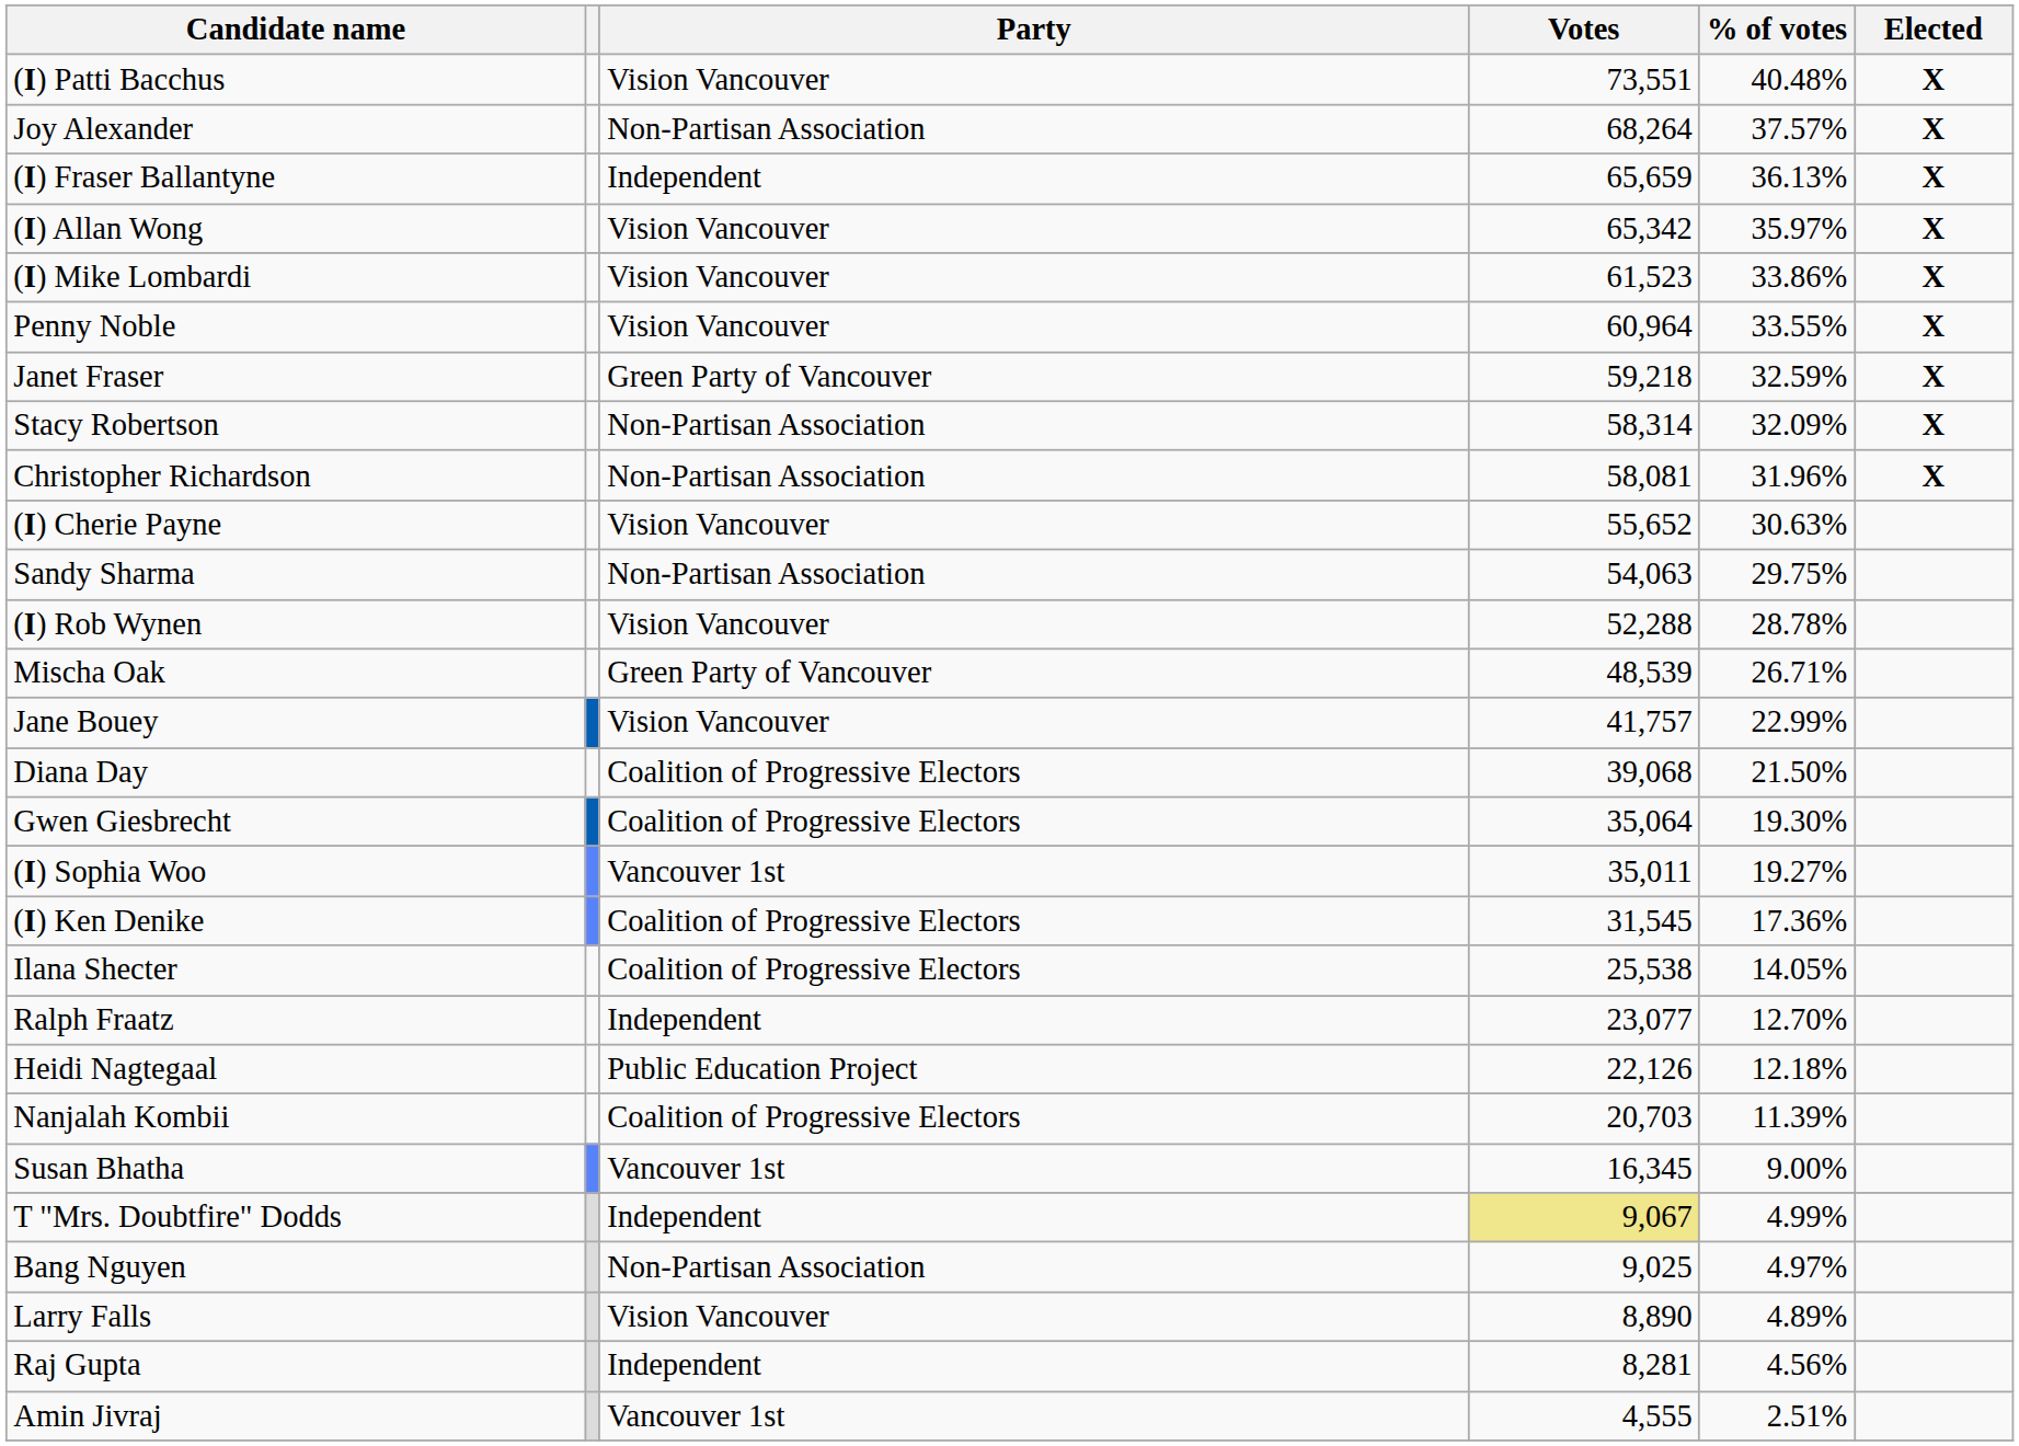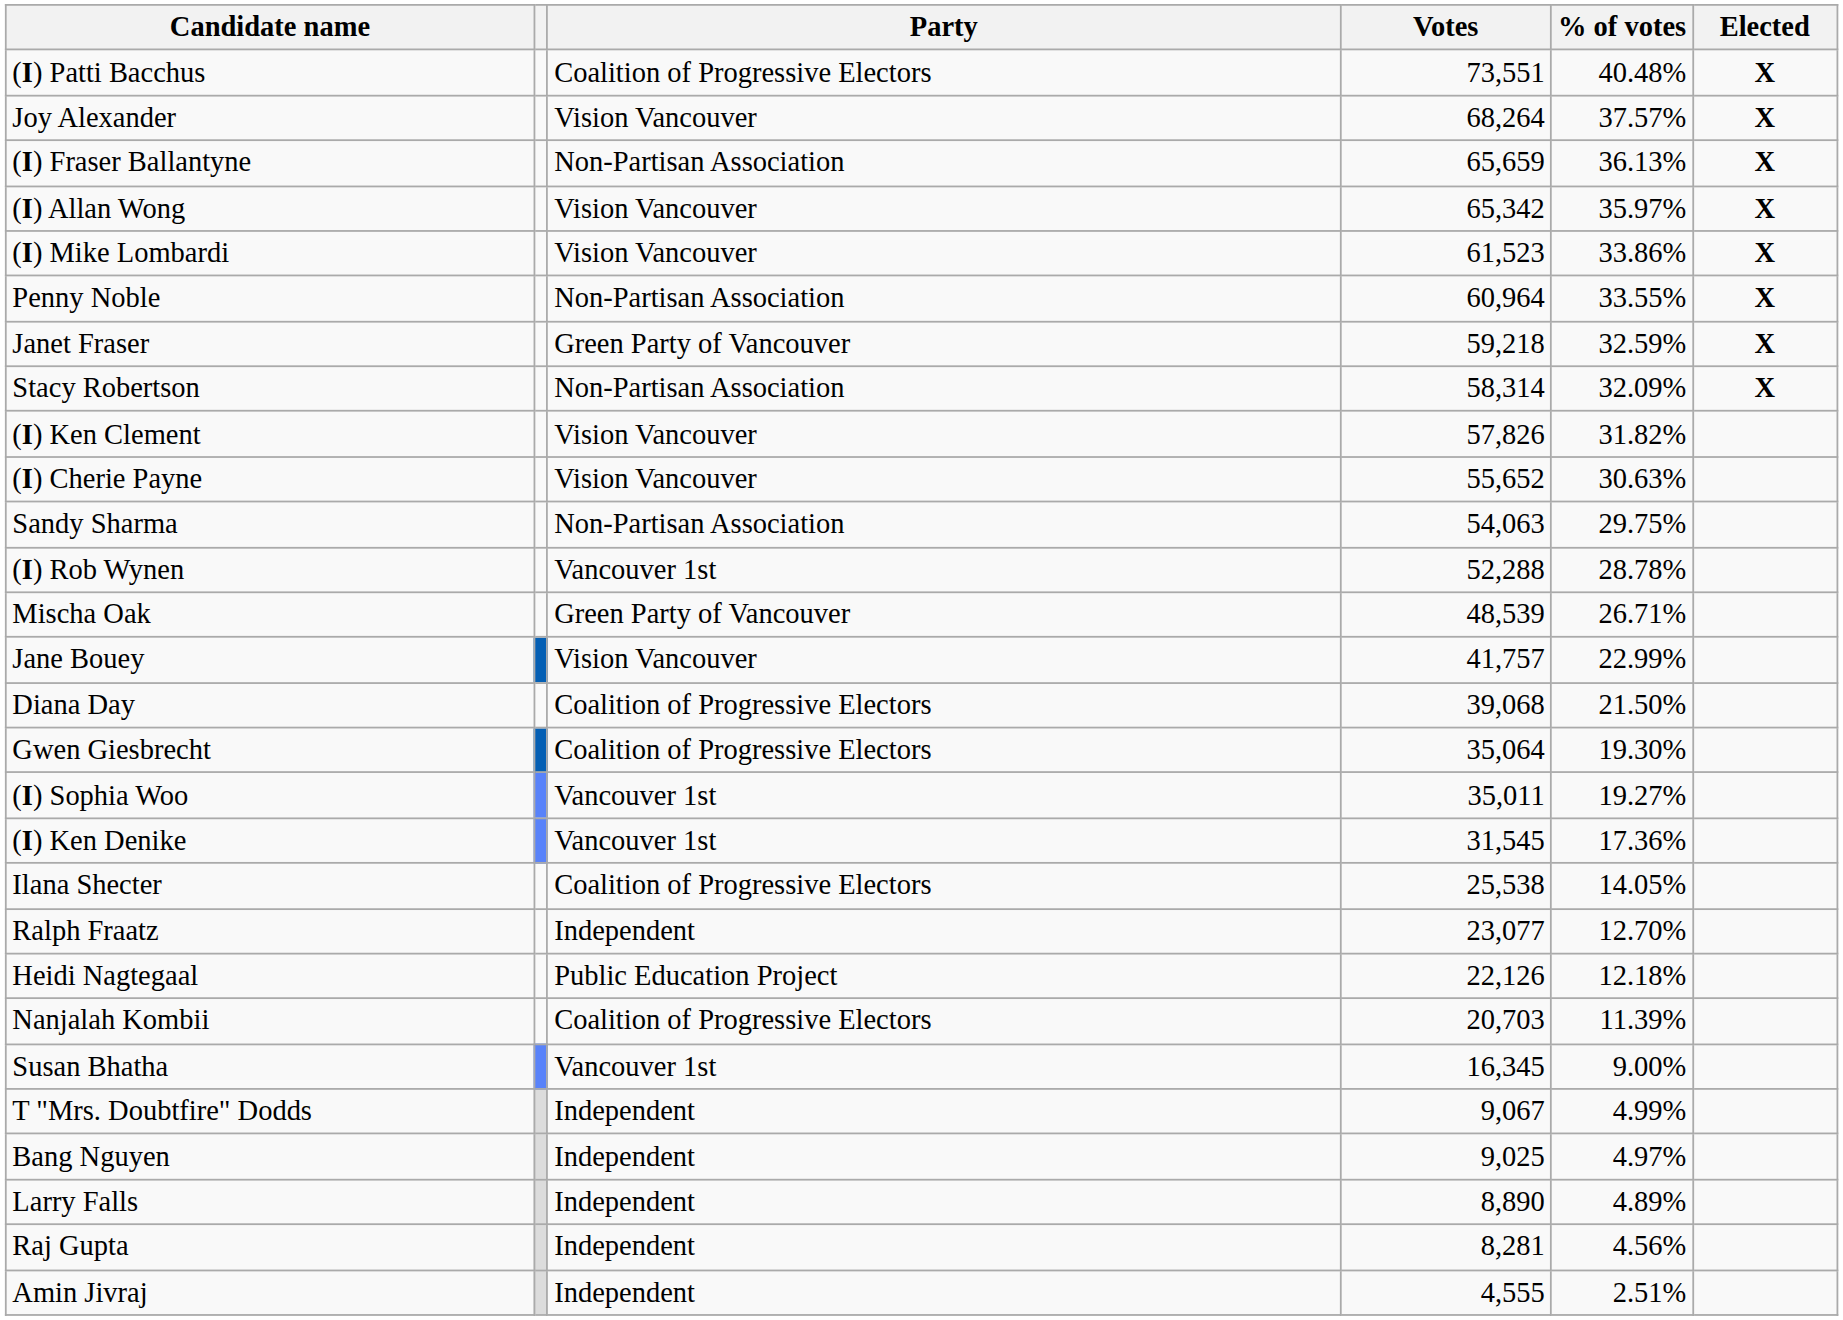 <table class="wikitable sortable" style="margin:5px; width: 65%">
 <tr>
 <th style="width:20%;">Candidate name</th>
 <th class="unsortable" style="width:0.05%;"></th>
 <th style="width:30%;">Party</th>
 <th style="width:8%;">Votes</th>
 <th style="width:5%;">% of votes</th>
 <th style="width:5%;">Elected</th>
 </tr>
 <tr>
 <td data-sort-value="Bacchus, Patti">(<strong>I</strong>) Patti Bacchus</td>
 <td style="background:"></td>
-<td>Vision Vancouver</td>
+<td>Coalition of Progressive Electors</td>
 <td style="text-align: right;">73,551</td>
 <td style="text-align: right;">40.48%</td>
 <td style="text-align: center;"><strong>X</strong></td>
 </tr>
 <tr>
 <td data-sort-value="Alexander, Joy">Joy Alexander</td>
 <td style="background:"></td>
-<td>Non-Partisan Association</td>
+<td>Vision Vancouver</td>
 <td style="text-align: right;">68,264</td>
 <td style="text-align: right;">37.57%</td>
 <td style="text-align: center;"><strong>X</strong></td>
 </tr>
 <tr>
 <td data-sort-value="Ballantyne, Fraser">(<strong>I</strong>) Fraser Ballantyne</td>
 <td style="background:"></td>
-<td>Independent</td>
+<td>Non-Partisan Association</td>
 <td style="text-align: right;">65,659</td>
 <td style="text-align: right;">36.13%</td>
 <td style="text-align: center;"><strong>X</strong></td>
 </tr>
 <tr>
 <td data-sort-value="Wong, Allan">(<strong>I</strong>) Allan Wong</td>
 <td style="background:"></td>
 <td>Vision Vancouver</td>
 <td style="text-align: right;">65,342</td>
 <td style="text-align: right;">35.97%</td>
 <td style="text-align: center;"><strong>X</strong></td>
 </tr>
 <tr>
 <td data-sort-value="Lombardi, Mike">(<strong>I</strong>) Mike Lombardi</td>
 <td style="background:"></td>
 <td>Vision Vancouver</td>
 <td style="text-align: right;">61,523</td>
 <td style="text-align: right;">33.86%</td>
 <td style="text-align: center;"><strong>X</strong></td>
 </tr>
 <tr>
 <td data-sort-value="Noble, Penny">Penny Noble</td>
 <td style="background:"></td>
-<td>Vision Vancouver</td>
+<td>Non-Partisan Association</td>
 <td style="text-align: right;">60,964</td>
 <td style="text-align: right;">33.55%</td>
 <td style="text-align: center;"><strong>X</strong></td>
 </tr>
 <tr>
 <td data-sort-value="Fraser, Janet">Janet Fraser</td>
 <td style="background:"></td>
 <td>Green Party of Vancouver</td>
 <td style="text-align: right;">59,218</td>
 <td style="text-align: right;">32.59%</td>
 <td style="text-align: center;"><strong>X</strong></td>
 </tr>
 <tr>
 <td data-sort-value="Robertson, Stacy">Stacy Robertson</td>
 <td style="background:"></td>
 <td>Non-Partisan Association</td>
 <td style="text-align: right;">58,314</td>
 <td style="text-align: right;">32.09%</td>
 <td style="text-align: center;"><strong>X</strong></td>
 </tr>
 <tr>
-<td data-sort-value="Richardson, Christopher">Christopher Richardson</td>
+<td data-sort-value="Clement, Ken">(<strong>I</strong>) Ken Clement</td>
 <td style="background:"></td>
-<td>Non-Partisan Association</td>
-<td style="text-align: right;">58,081</td>
-<td style="text-align: right;">31.96%</td>
-<td style="text-align: center;"><strong>X</strong></td>
+<td>Vision Vancouver</td>
+<td style="text-align: right;">57,826</td>
+<td style="text-align: right;">31.82%</td>
+<td></td>
 </tr>
 <tr>
 <td data-sort-value="Payne, Cherie">(<strong>I</strong>) Cherie Payne</td>
 <td style="background:"></td>
 <td>Vision Vancouver</td>
 <td style="text-align: right;">55,652</td>
 <td style="text-align: right;">30.63%</td>
 <td></td>
 </tr>
 <tr>
 <td data-sort-value="Sharma, Sandy">Sandy Sharma</td>
 <td style="background:"></td>
 <td>Non-Partisan Association</td>
 <td style="text-align: right;">54,063</td>
 <td style="text-align: right;">29.75%</td>
 <td></td>
 </tr>
 <tr>
 <td data-sort-value="Wynen, Rob">(<strong>I</strong>) Rob Wynen</td>
 <td style="background:"></td>
-<td>Vision Vancouver</td>
+<td>Vancouver 1st</td>
 <td style="text-align: right;">52,288</td>
 <td style="text-align: right;">28.78%</td>
 <td></td>
 </tr>
 <tr>
 <td data-sort-value="Oak, Mischa">Mischa Oak</td>
 <td style="background:"></td>
 <td>Green Party of Vancouver</td>
 <td style="text-align: right;">48,539</td>
 <td style="text-align: right;">26.71%</td>
 <td></td>
 </tr>
 <tr>
 <td data-sort-value="Bouey, Jane">Jane Bouey</td>
 <td style="background:#045FB4;"></td>
 <td>Vision Vancouver</td>
 <td style="text-align: right;">41,757</td>
 <td style="text-align: right;">22.99%</td>
 <td></td>
 </tr>
 <tr>
 <td data-sort-value="Day, Diana">Diana Day</td>
 <td style="background:"></td>
 <td>Coalition of Progressive Electors</td>
 <td style="text-align: right;">39,068</td>
 <td style="text-align: right;">21.50%</td>
 <td></td>
 </tr>
 <tr>
 <td data-sort-value="Giesbrecht, Gwen">Gwen Giesbrecht</td>
 <td style="background:#045FB4;"></td>
 <td>Coalition of Progressive Electors</td>
 <td style="text-align: right;">35,064</td>
 <td style="text-align: right;">19.30%</td>
 <td></td>
 </tr>
 <tr>
 <td data-sort-value="Woo, Sophia">(<strong>I</strong>) Sophia Woo</td>
 <td style="background:#5882FA;"></td>
 <td>Vancouver 1st</td>
 <td style="text-align: right;">35,011</td>
 <td style="text-align: right;">19.27%</td>
 <td></td>
 </tr>
 <tr>
 <td data-sort-value="Denike, Ken">(<strong>I</strong>) Ken Denike</td>
 <td style="background:#5882FA;"></td>
-<td>Coalition of Progressive Electors</td>
+<td>Vancouver 1st</td>
 <td style="text-align: right;">31,545</td>
 <td style="text-align: right;">17.36%</td>
 <td></td>
 </tr>
 <tr>
 <td data-sort-value="Shecter, Ilana">Ilana Shecter</td>
 <td style="background:"></td>
 <td>Coalition of Progressive Electors</td>
 <td style="text-align: right;">25,538</td>
 <td style="text-align: right;">14.05%</td>
 <td></td>
 </tr>
 <tr>
 <td data-sort-value="Fraatz, Ralph">Ralph Fraatz</td>
 <td style="background:"></td>
 <td>Independent</td>
 <td style="text-align: right;">23,077</td>
 <td style="text-align: right;">12.70%</td>
 <td></td>
 </tr>
 <tr>
 <td data-sort-value="Nagtegaal, Heidi">Heidi Nagtegaal</td>
 <td style="background:"></td>
 <td>Public Education Project</td>
 <td style="text-align: right;">22,126</td>
 <td style="text-align: right;">12.18%</td>
 <td></td>
 </tr>
 <tr>
 <td data-sort-value="Kombii, Nanjalah">Nanjalah Kombii</td>
 <td style="background:"></td>
 <td>Coalition of Progressive Electors</td>
 <td style="text-align: right;">20,703</td>
 <td style="text-align: right;">11.39%</td>
 <td></td>
 </tr>
 <tr>
 <td data-sort-value="Bhatha, Susan">Susan Bhatha</td>
 <td style="background:#5882FA;"></td>
 <td>Vancouver 1st</td>
 <td style="text-align: right;">16,345</td>
 <td style="text-align: right;">9.00%</td>
 <td></td>
 </tr>
 <tr>
 <td data-sort-value="Dodds, T 'Mrs. Doubtfire'">T "Mrs. Doubtfire" Dodds</td>
 <td style="background:gainsboro;"></td>
 <td>Independent</td>
-<td style="background: khaki; text-align: right;">9,067</td>
+<td style="text-align: right;">9,067</td>
 <td style="text-align: right;">4.99%</td>
 <td></td>
 </tr>
 <tr>
 <td data-sort-value="Nguyen, Bang">Bang Nguyen</td>
 <td style="background:gainsboro;"></td>
-<td>Non-Partisan Association</td>
+<td>Independent</td>
 <td style="text-align: right;">9,025</td>
 <td style="text-align: right;">4.97%</td>
 <td></td>
 </tr>
 <tr>
 <td data-sort-value="Falls, Larry">Larry Falls</td>
 <td style="background:gainsboro;"></td>
-<td>Vision Vancouver</td>
+<td>Independent</td>
 <td style="text-align: right;">8,890</td>
 <td style="text-align: right;">4.89%</td>
 <td></td>
 </tr>
 <tr>
 <td data-sort-value="Gupta, Raj">Raj Gupta</td>
 <td style="background:gainsboro;"></td>
 <td>Independent</td>
 <td style="text-align: right;">8,281</td>
 <td style="text-align: right;">4.56%</td>
 <td></td>
 </tr>
 <tr>
 <td data-sort-value="Jivraj, Amin">Amin Jivraj</td>
 <td style="background:gainsboro;"></td>
-<td>Vancouver 1st</td>
+<td>Independent</td>
 <td style="text-align: right;">4,555</td>
 <td style="text-align: right;">2.51%</td>
 <td></td>
 </tr>
 </table>
